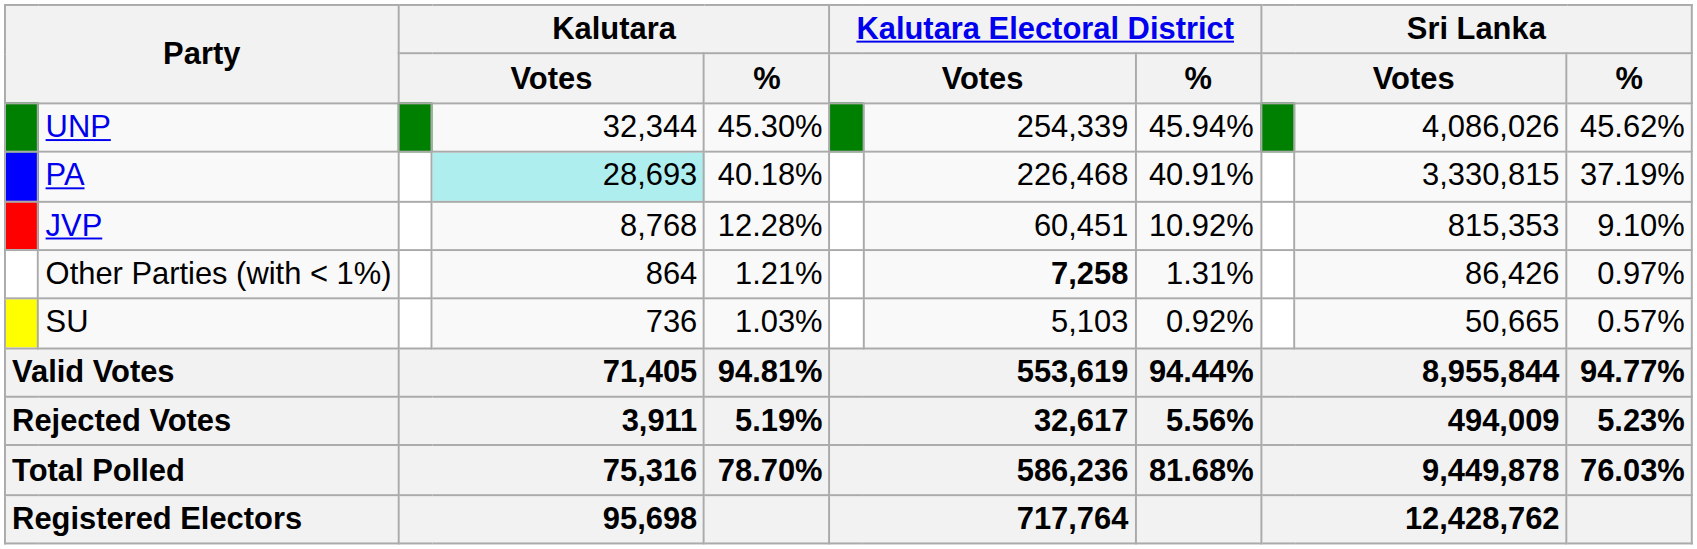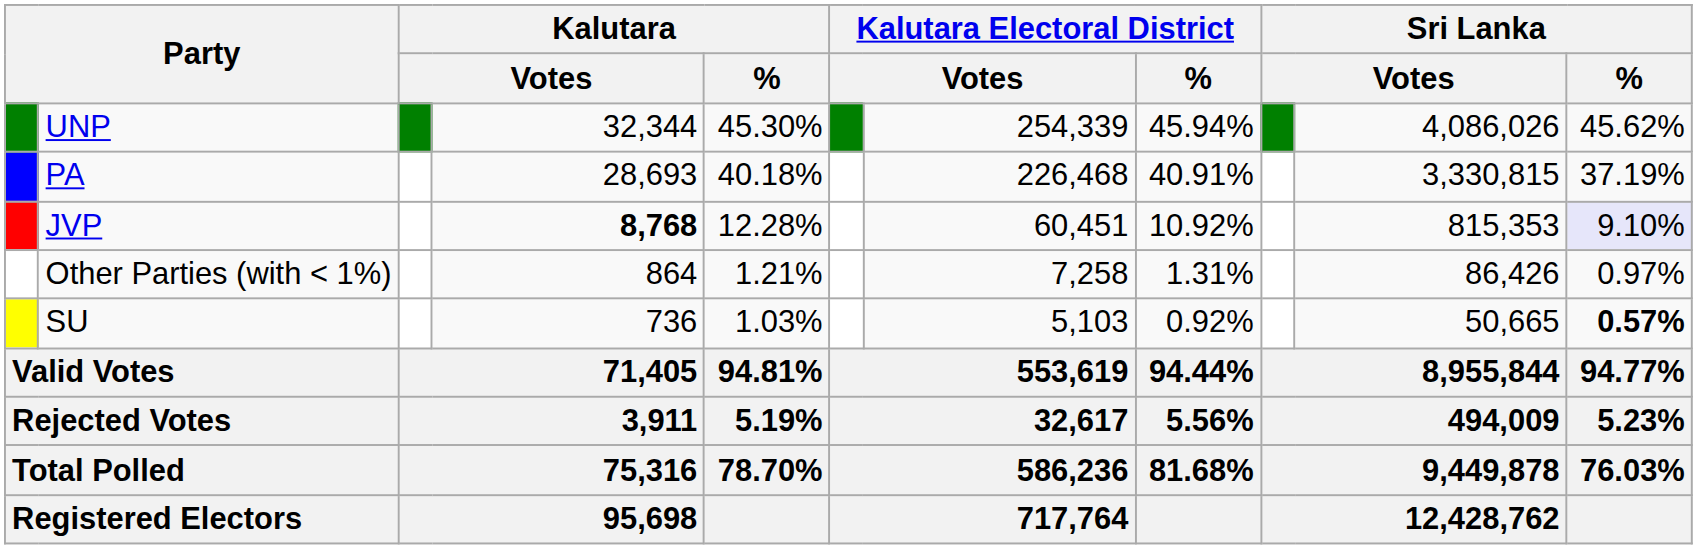 <table class="wikitable">
 <tr>
 <th colspan="2" width="144px"rowspan="2">Party</th>
 <th colspan="3" width="216px">Kalutara</th>
 <th colspan="3" width="216px"><a href='#'>Kalutara Electoral District</a></th>
 <th colspan="3" width="216px">Sri Lanka</th>
 </tr>
 <tr>
 <th colspan="2" width="144px">Votes</th>
 <th>%</th>
 <th colspan="2" width="144px">Votes</th>
 <th>%</th>
 <th colspan="2" width="144px">Votes</th>
 <th>%</th>
 </tr>
 <tr>
 <td style="background-color:green;" width="10px"></td>
 <td style="text-align:left;"><a href='#'>UNP</a></td>
 <td style="background-color:green;" width="10px"></td>
 <td style="text-align:right;">32,344</td>
 <td style="text-align:right;">45.30%</td>
 <td style="background-color:green;" width="10px"></td>
 <td style="text-align:right;">254,339</td>
 <td style="text-align:right;">45.94%</td>
 <td style="background-color:green;" width="10px"></td>
 <td style="text-align:right;">4,086,026</td>
 <td style="text-align:right;">45.62%</td>
 </tr>
 <tr>
 <td style="background-color:blue;" width="10px"></td>
 <td style="text-align:left;"><a href='#'>PA</a></td>
 <td style="background-color:white;" width="10px"></td>
-<td style="background: paleturquoise; text-align:right;">28,693</td>
+<td style="text-align:right;">28,693</td>
 <td style="text-align:right;">40.18%</td>
 <td style="background-color:white;" width="10px"></td>
 <td style="text-align:right;">226,468</td>
 <td style="text-align:right;">40.91%</td>
 <td style="background-color:white;" width="10px"></td>
 <td style="text-align:right;">3,330,815</td>
 <td style="text-align:right;">37.19%</td>
 </tr>
 <tr>
 <td style="background-color:red;" width="10px"></td>
 <td style="text-align:left;"><a href='#'>JVP</a></td>
 <td style="background-color:white;" width="10px"></td>
-<td style="text-align:right;">8,768</td>
+<td style="text-align:right;"><strong>8,768</strong></td>
 <td style="text-align:right;">12.28%</td>
 <td style="background-color:white;" width="10px"></td>
 <td style="text-align:right;">60,451</td>
 <td style="text-align:right;">10.92%</td>
 <td style="background-color:white;" width="10px"></td>
 <td style="text-align:right;">815,353</td>
-<td style="text-align:right;">9.10%</td>
+<td style="background: lavender; text-align:right;">9.10%</td>
 </tr>
 <tr>
 <td style="background-color:white;" width="10px"></td>
 <td style="text-align:left;">Other Parties (with < 1%)</td>
 <td style="background-color:white;" width="10px"></td>
 <td style="text-align:right;">864</td>
 <td style="text-align:right;">1.21%</td>
 <td style="background-color:white;" width="10px"></td>
-<td style="text-align:right;"><strong>7,258</strong></td>
+<td style="text-align:right;">7,258</td>
 <td style="text-align:right;">1.31%</td>
 <td style="background-color:white;" width="10px"></td>
 <td style="text-align:right;">86,426</td>
 <td style="text-align:right;">0.97%</td>
 </tr>
 <tr>
 <td style="background-color:yellow;" width="10px"></td>
 <td style="text-align:left;">SU</td>
 <td style="background-color:white;" width="10px"></td>
 <td style="text-align:right;">736</td>
 <td style="text-align:right;">1.03%</td>
 <td style="background-color:white;" width="10px"></td>
 <td style="text-align:right;">5,103</td>
 <td style="text-align:right;">0.92%</td>
 <td style="background-color:white;" width="10px"></td>
 <td style="text-align:right;">50,665</td>
-<td style="text-align:right;">0.57%</td>
+<td style="text-align:right;"><strong>0.57%</strong></td>
 </tr>
 <tr>
 <th colspan="2" width="144px"style="text-align:left;">Valid Votes</th>
 <th style="text-align:right;"colspan="2" width="144px">71,405</th>
 <th style="text-align:right;">94.81%</th>
 <th style="text-align:right;"colspan="2" width="144px">553,619</th>
 <th style="text-align:right;">94.44%</th>
 <th style="text-align:right;"colspan="2" width="144px">8,955,844</th>
 <th style="text-align:right;">94.77%</th>
 </tr>
 <tr>
 <th colspan="2" width="144px"style="text-align:left;">Rejected Votes</th>
 <th style="text-align:right;"colspan="2" width="144px">3,911</th>
 <th style="text-align:right;">5.19%</th>
 <th style="text-align:right;"colspan="2" width="144px">32,617</th>
 <th style="text-align:right;">5.56%</th>
 <th style="text-align:right;"colspan="2" width="144px">494,009</th>
 <th style="text-align:right;">5.23%</th>
 </tr>
 <tr>
 <th colspan="2" width="144px"style="text-align:left;">Total Polled</th>
 <th style="text-align:right;"colspan="2" width="144px">75,316</th>
 <th style="text-align:right;">78.70%</th>
 <th style="text-align:right;"colspan="2" width="144px">586,236</th>
 <th style="text-align:right;">81.68%</th>
 <th style="text-align:right;"colspan="2" width="144px">9,449,878</th>
 <th style="text-align:right;">76.03%</th>
 </tr>
 <tr>
 <th colspan="2" width="144px"style="text-align:left;">Registered Electors</th>
 <th style="text-align:right;"colspan="2" width="144px">95,698</th>
 <th></th>
 <th style="text-align:right;"colspan="2" width="144px">717,764</th>
 <th></th>
 <th style="text-align:right;"colspan="2" width="144px">12,428,762</th>
 <th></th>
 </tr>
 </table>
